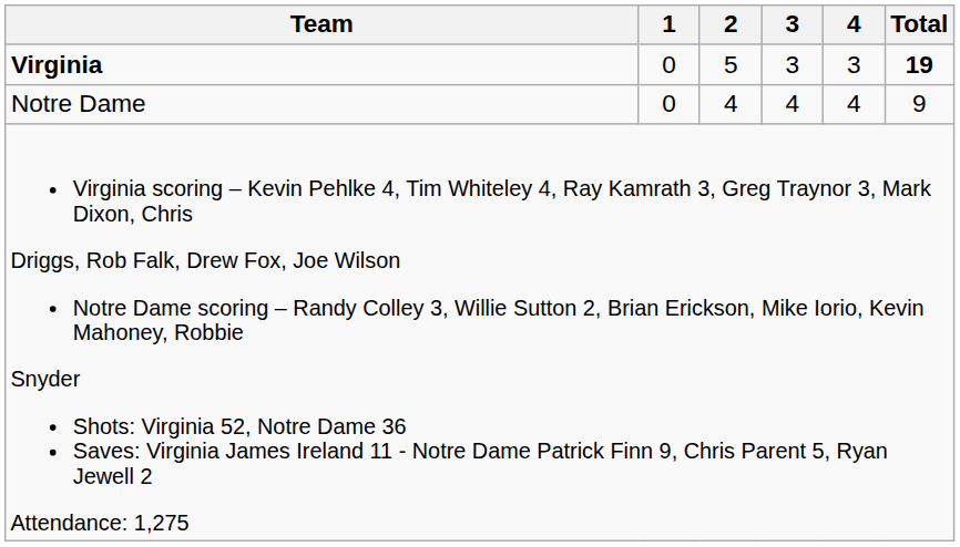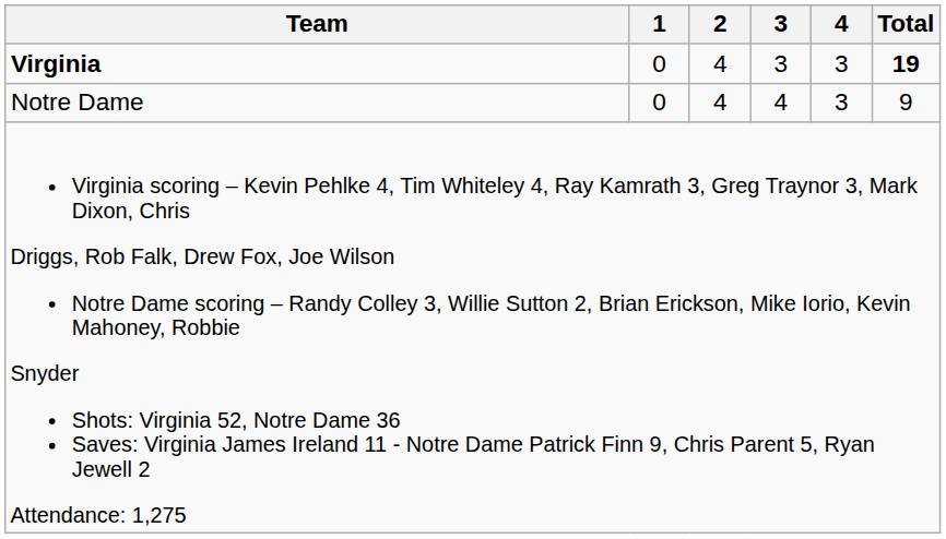 <table class="wikitable" style="text-align:center; max-width:45em">
 <tr>
 <th>Team</th>
 <th style="width:2em">1</th>
 <th style="width:2em">2</th>
 <th style="width:2em">3</th>
 <th style="width:2em">4</th>
 <th style="width:2em">Total</th>
 </tr>
 <tr>
 <td style="text-align:left"><strong>Virginia</strong></td>
 <td>0</td>
-<td>5</td>
+<td>4</td>
 <td>3</td>
 <td>3</td>
 <td><strong>19</strong></td>
 </tr>
 <tr>
 <td style="text-align:left">Notre Dame</td>
 <td>0</td>
 <td>4</td>
 <td>4</td>
-<td>4</td>
+<td>3</td>
 <td>9</td>
 </tr>
 <tr>
 <td colspan=6 style="text-align:left; font-size:88%;"><br><ul><li>Virginia scoring – Kevin Pehlke 4, Tim Whiteley 4, Ray Kamrath 3, Greg Traynor 3, Mark Dixon, Chris</li></ul>Driggs, Rob Falk, Drew Fox, Joe Wilson<ul><li>Notre Dame scoring – Randy Colley 3, Willie Sutton 2, Brian Erickson, Mike Iorio, Kevin Mahoney, Robbie</li></ul>Snyder<ul><li>Shots: Virginia 52, Notre Dame 36</li><li>Saves: Virginia James Ireland 11 - Notre Dame Patrick Finn 9, Chris Parent 5, Ryan Jewell 2</li></ul>Attendance: 1,275 </td>
 </tr>
 </table>
